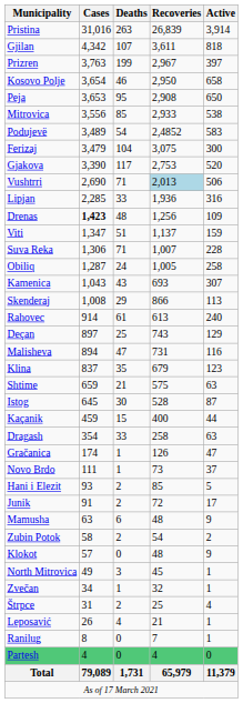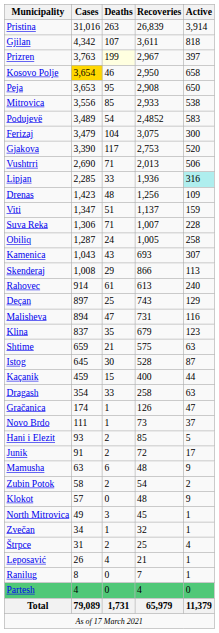 <table class="wikitable sortable">
 <tr>
 <th>Municipality</th>
 <th>Cases</th>
 <th>Deaths</th>
 <th>Recoveries</th>
 <th>Active</th>
 </tr>
 <tr>
 <td align="left"><a href='#'>Pristina</a></td>
 <td>31,016</td>
 <td>263</td>
 <td>26,839</td>
 <td>3,914</td>
 </tr>
 <tr>
 <td align="left"><a href='#'>Gjilan</a></td>
 <td>4,342</td>
 <td>107</td>
 <td>3,611</td>
 <td>818</td>
 </tr>
 <tr>
 <td align="left"><a href='#'>Prizren</a></td>
 <td>3,763</td>
-<td>199</td>
+<td style="background: lightyellow;">199</td>
 <td>2,967</td>
 <td>397</td>
 </tr>
 <tr>
 <td align="left"><a href='#'>Kosovo Polje</a></td>
-<td>3,654</td>
+<td style="background: gold;">3,654</td>
 <td>46</td>
 <td>2,950</td>
 <td>658</td>
 </tr>
 <tr>
 <td align="left"><a href='#'>Peja</a></td>
 <td>3,653</td>
 <td>95</td>
 <td>2,908</td>
 <td>650</td>
 </tr>
 <tr>
 <td align="left"><a href='#'>Mitrovica</a></td>
 <td>3,556</td>
 <td>85</td>
 <td>2,933</td>
 <td>538</td>
 </tr>
 <tr>
 <td align="left"><a href='#'>Podujevë</a></td>
 <td>3,489</td>
 <td>54</td>
 <td>2,4852</td>
 <td>583</td>
 </tr>
 <tr>
 <td align"left"><a href='#'>Ferizaj</a></td>
 <td>3,479</td>
 <td>104</td>
 <td>3,075</td>
 <td>300</td>
 </tr>
 <tr>
 <td align="left"><a href='#'>Gjakova</a></td>
 <td>3,390</td>
 <td>117</td>
 <td>2,753</td>
 <td>520</td>
 </tr>
 <tr>
 <td align="left"><a href='#'>Vushtrri</a></td>
 <td>2,690</td>
 <td>71</td>
-<td style="background: lightblue;">2,013</td>
+<td>2,013</td>
 <td>506</td>
 </tr>
 <tr>
 <td align="left"><a href='#'>Lipjan</a></td>
 <td>2,285</td>
 <td>33</td>
 <td>1,936</td>
-<td>316</td>
+<td style="background: paleturquoise;">316</td>
 </tr>
 <tr>
 <td align="left"><a href='#'>Drenas</a></td>
-<td><strong>1,423</strong></td>
+<td>1,423</td>
 <td>48</td>
 <td>1,256</td>
 <td>109</td>
 </tr>
 <tr>
 <td align="left"><a href='#'>Viti</a></td>
 <td>1,347</td>
 <td>51</td>
 <td>1,137</td>
 <td>159</td>
 </tr>
 <tr>
 <td align="left"><a href='#'>Suva Reka</a></td>
 <td>1,306</td>
 <td>71</td>
 <td>1,007</td>
 <td>228</td>
 </tr>
 <tr>
 <td align="left"><a href='#'>Obiliq</a></td>
 <td>1,287</td>
 <td>24</td>
 <td>1,005</td>
 <td>258</td>
 </tr>
 <tr>
 <td align="left"><a href='#'>Kamenica</a></td>
 <td>1,043</td>
 <td>43</td>
 <td>693</td>
 <td>307</td>
 </tr>
 <tr>
 <td align="left"><a href='#'>Skenderaj</a></td>
 <td>1,008</td>
 <td>29</td>
 <td>866</td>
 <td>113</td>
 </tr>
 <tr>
 <td align="left"><a href='#'>Rahovec</a></td>
 <td>914</td>
 <td>61</td>
 <td>613</td>
 <td>240</td>
 </tr>
 <tr>
 <td align="left"><a href='#'>Deçan</a></td>
 <td>897</td>
 <td>25</td>
 <td>743</td>
 <td>129</td>
 </tr>
 <tr>
 <td align="left"><a href='#'>Malisheva</a></td>
 <td>894</td>
 <td>47</td>
 <td>731</td>
 <td>116</td>
 </tr>
 <tr>
 <td align="left"><a href='#'>Klina</a></td>
 <td>837</td>
 <td>35</td>
 <td>679</td>
 <td>123</td>
 </tr>
 <tr>
 <td align="left"><a href='#'>Shtime</a></td>
 <td>659</td>
 <td>21</td>
 <td>575</td>
 <td>63</td>
 </tr>
 <tr>
 <td align="left"><a href='#'>Istog</a></td>
 <td>645</td>
 <td>30</td>
 <td>528</td>
 <td>87</td>
 </tr>
 <tr>
 <td align="left"><a href='#'>Kaçanik</a></td>
 <td>459</td>
 <td>15</td>
 <td>400</td>
 <td>44</td>
 </tr>
 <tr>
 <td align="left"><a href='#'>Dragash</a></td>
 <td>354</td>
 <td>33</td>
 <td>258</td>
 <td>63</td>
 </tr>
 <tr>
 <td align="left"><a href='#'>Gračanica</a></td>
 <td>174</td>
 <td>1</td>
 <td>126</td>
 <td>47</td>
 </tr>
 <tr>
 <td align="left"><a href='#'>Novo Brdo</a></td>
 <td>111</td>
 <td>1</td>
 <td>73</td>
 <td>37</td>
 </tr>
 <tr>
 <td align="left"><a href='#'>Hani i Elezit</a></td>
 <td>93</td>
 <td>2</td>
 <td>85</td>
 <td>5</td>
 </tr>
 <tr>
 <td align="left"><a href='#'>Junik</a></td>
 <td>91</td>
 <td>2</td>
 <td>72</td>
 <td>17</td>
 </tr>
 <tr>
 <td align="left"><a href='#'>Mamusha</a></td>
 <td>63</td>
 <td>6</td>
 <td>48</td>
 <td>9</td>
 </tr>
 <tr>
 <td align="left"><a href='#'>Zubin Potok</a></td>
 <td>58</td>
 <td>2</td>
 <td>54</td>
 <td>2</td>
 </tr>
 <tr>
 <td align="left"><a href='#'>Klokot</a></td>
 <td>57</td>
 <td>0</td>
 <td>48</td>
 <td>9</td>
 </tr>
 <tr>
 <td align="left"><a href='#'>North Mitrovica</a></td>
 <td>49</td>
 <td>3</td>
 <td>45</td>
 <td>1</td>
 </tr>
 <tr>
 <td align="left"><a href='#'>Zvečan</a></td>
 <td>34</td>
 <td>1</td>
 <td>32</td>
 <td>1</td>
 </tr>
 <tr>
 <td align="left"><a href='#'>Štrpce</a></td>
 <td>31</td>
 <td>2</td>
 <td>25</td>
 <td>4</td>
 </tr>
 <tr>
 <td align="left"><a href='#'>Leposavić</a></td>
 <td>26</td>
 <td>4</td>
 <td>21</td>
 <td>1</td>
 </tr>
 <tr>
 <td align="left"><a href='#'>Ranilug</a></td>
 <td>8</td>
 <td>0</td>
 <td>7</td>
 <td>1</td>
 </tr>
 <tr style='background: #50C878'>
 <td align="left"><a href='#'>Partesh</a></td>
 <td>4</td>
 <td>0</td>
 <td>4</td>
 <td>0</td>
 </tr>
 <tr>
 <th>Total</th>
 <th>79,089</th>
 <th>1,731</th>
 <th>65,979</th>
 <th>11,379</th>
 </tr>
 <tr>
 <td colspan="5" style="text-align:center"><small><em>As of 17 March 2021</em></small></td>
 </tr>
 </table>
